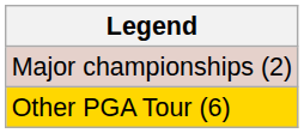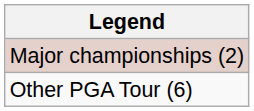 <table class="wikitable" style="font-size:95%;">
 <tr>
 <th>Legend</th>
 </tr>
 <tr style="background:#e5d1cb;">
 <td>Major championships (2)</td>
 </tr>
 <tr>
-<td style="background: gold;">Other PGA Tour (6)</td>
+<td>Other PGA Tour (6)</td>
 </tr>
 </table>
